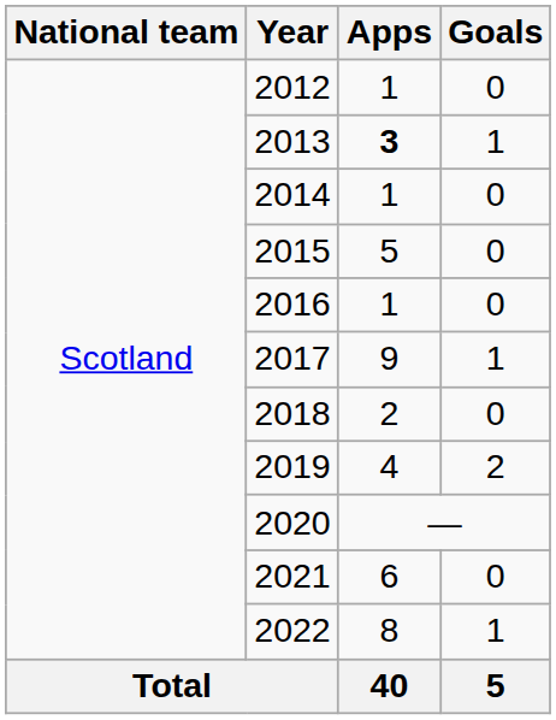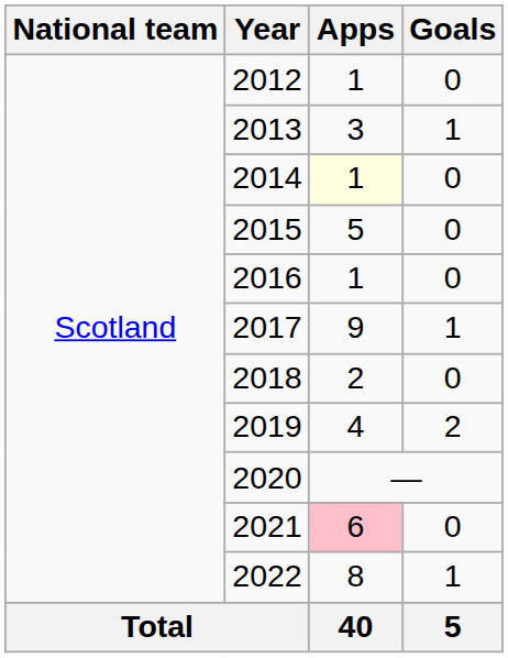 <table class="wikitable" style="text-align:center">
 <tr>
 <th>National team</th>
 <th>Year</th>
 <th>Apps</th>
 <th>Goals</th>
 </tr>
 <tr>
 <td rowspan="11"><a href='#'>Scotland</a></td>
 <td>2012</td>
 <td>1</td>
 <td>0</td>
 </tr>
 <tr>
 <td>2013</td>
-<td><strong>3</strong></td>
+<td>3</td>
 <td>1</td>
 </tr>
 <tr>
 <td>2014</td>
-<td>1</td>
+<td style="background: lightyellow;">1</td>
 <td>0</td>
 </tr>
 <tr>
 <td>2015</td>
 <td>5</td>
 <td>0</td>
 </tr>
 <tr>
 <td>2016</td>
 <td>1</td>
 <td>0</td>
 </tr>
 <tr>
 <td>2017</td>
 <td>9</td>
 <td>1</td>
 </tr>
 <tr>
 <td>2018</td>
 <td>2</td>
 <td>0</td>
 </tr>
 <tr>
 <td>2019</td>
 <td>4</td>
 <td>2</td>
 </tr>
 <tr>
 <td>2020</td>
 <td colspan=2>—</td>
 </tr>
 <tr>
 <td>2021</td>
-<td>6</td>
+<td style="background: pink;">6</td>
 <td>0</td>
 </tr>
 <tr>
 <td>2022</td>
 <td>8</td>
 <td>1</td>
 </tr>
 <tr>
 <th colspan=2>Total</th>
 <th>40</th>
 <th>5</th>
 </tr>
 </table>
